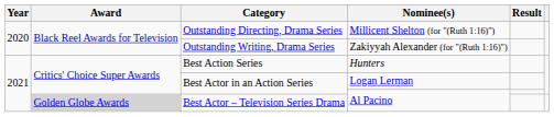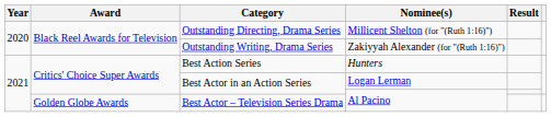 <table class="wikitable sortable">
 <tr>
 <th>Year</th>
 <th>Award</th>
 <th>Category</th>
 <th>Nominee(s)</th>
 <th>Result</th>
 <th class="unsortable"></th>
 </tr>
 <tr>
 <td rowspan="2">2020</td>
 <td rowspan="2"><a href='#'>Black Reel Awards for Television</a></td>
 <td><a href='#'>Outstanding Directing, Drama Series</a></td>
 <td><a href='#'>Millicent Shelton</a> <small>(for "(Ruth 1:16)")</small></td>
 <td></td>
 <td style="text-align:center;" rowspan="2"></td>
 </tr>
 <tr>
 <td><a href='#'>Outstanding Writing, Drama Series</a></td>
 <td>Zakiyyah Alexander <small>(for "(Ruth 1:16)")</small></td>
 <td></td>
 </tr>
 <tr>
 <td rowspan="4">2021</td>
 <td rowspan="3"><a href='#'>Critics' Choice Super Awards</a></td>
 <td>Best Action Series</td>
 <td><em>Hunters</em></td>
 <td></td>
 <td style="text-align:center;" rowspan="3"></td>
 </tr>
 <tr>
 <td rowspan="2">Best Actor in an Action Series</td>
 <td><a href='#'>Logan Lerman</a></td>
 <td></td>
 </tr>
 <tr>
 <td rowspan="2"><a href='#'>Al Pacino</a></td>
 <td></td>
 </tr>
 <tr>
-<td style="background: lightgrey;"><a href='#'>Golden Globe Awards</a></td>
+<td><a href='#'>Golden Globe Awards</a></td>
 <td><a href='#'>Best Actor – Television Series Drama</a></td>
 <td></td>
 <td style="text-align:center;"></td>
 </tr>
 </table>
